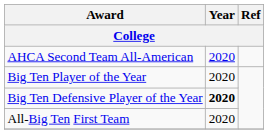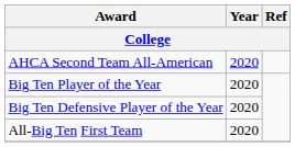 <table class="wikitable">
 <tr>
 <th>Award</th>
 <th>Year</th>
 <th>Ref</th>
 </tr>
 <tr>
 <th colspan="3"><a href='#'>College</a></th>
 </tr>
 <tr>
 <td><a href='#'>AHCA Second Team All-American</a></td>
 <td><a href='#'>2020</a></td>
 <td></td>
 </tr>
 <tr>
 <td><a href='#'>Big Ten Player of the Year</a></td>
 <td>2020</td>
 <td rowspan="3"></td>
 </tr>
 <tr>
 <td><a href='#'>Big Ten Defensive Player of the Year</a></td>
-<td><strong>2020</strong></td>
+<td>2020</td>
 </tr>
 <tr>
 <td>All-<a href='#'>Big Ten</a> <a href='#'>First Team</a></td>
 <td>2020</td>
 </tr>
 <tr>
 </tr>
 </table>
